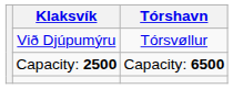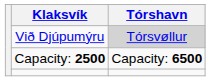 <table class="wikitable" style="margin:1em auto; text-align:center">
 <tr>
 <th rowspan="4"></th>
 <th><a href='#'>Klaksvík</a></th>
 <th><a href='#'>Tórshavn</a></th>
 </tr>
 <tr>
 <td><a href='#'>Við Djúpumýru</a><br><strong></strong></td>
-<td><a href='#'>Tórsvøllur</a></td>
+<td style="background: lightgrey;"><a href='#'>Tórsvøllur</a></td>
 </tr>
 <tr>
 <td>Capacity: <strong>2500</strong></td>
 <td>Capacity: <strong>6500</strong></td>
 </tr>
 <tr>
 <td></td>
 <td></td>
 </tr>
 </table>
